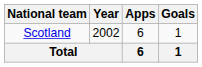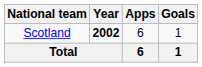 <table class="wikitable" style="text-align: center;">
 <tr>
 <th>National team</th>
 <th>Year</th>
 <th>Apps</th>
 <th>Goals</th>
 </tr>
 <tr>
 <td rowspan="1" valign="center"><a href='#'>Scotland</a></td>
-<td>2002</td>
+<td><strong>2002</strong></td>
 <td>6</td>
 <td>1</td>
 </tr>
 <tr>
 <th colspan="2">Total</th>
 <th>6</th>
 <th>1</th>
 </tr>
 </table>
